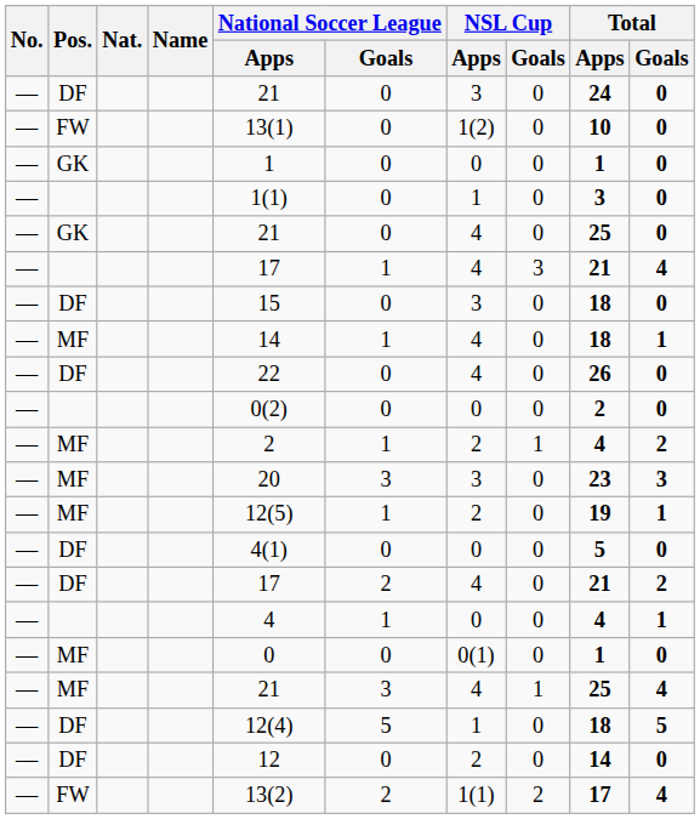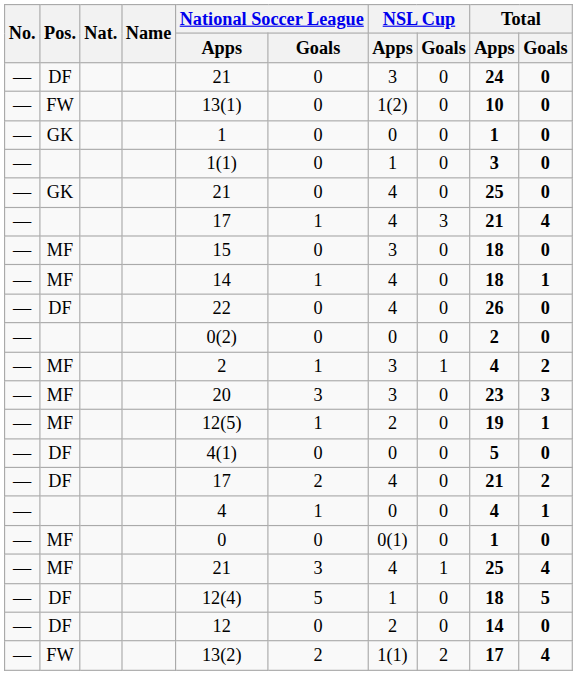 <table class="wikitable sortable" style="text-align:center">
 <tr>
 <th rowspan="2">No.</th>
 <th rowspan="2">Pos.</th>
 <th rowspan="2">Nat.</th>
 <th rowspan="2">Name</th>
 <th colspan="2"><a href='#'>National Soccer League</a></th>
 <th colspan="2"><a href='#'>NSL Cup</a></th>
 <th colspan="2">Total</th>
 </tr>
 <tr>
 <th>Apps</th>
 <th>Goals</th>
 <th>Apps</th>
 <th>Goals</th>
 <th>Apps</th>
 <th>Goals</th>
 </tr>
 <tr>
 <td>—</td>
 <td>DF</td>
 <td></td>
 <td align=left></td>
 <td>21</td>
 <td>0</td>
 <td>3</td>
 <td>0</td>
 <td><strong>24</strong></td>
 <td><strong>0</strong></td>
 </tr>
 <tr>
 <td>—</td>
 <td>FW</td>
 <td></td>
 <td align=left></td>
 <td>13(1)</td>
 <td>0</td>
 <td>1(2)</td>
 <td>0</td>
 <td><strong>10</strong></td>
 <td><strong>0</strong></td>
 </tr>
 <tr>
 <td>—</td>
 <td>GK</td>
 <td></td>
 <td align=left></td>
 <td>1</td>
 <td>0</td>
 <td>0</td>
 <td>0</td>
 <td><strong>1</strong></td>
 <td><strong>0</strong></td>
 </tr>
 <tr>
 <td>—</td>
 <td></td>
 <td></td>
 <td align=left></td>
 <td>1(1)</td>
 <td>0</td>
 <td>1</td>
 <td>0</td>
 <td><strong>3</strong></td>
 <td><strong>0</strong></td>
 </tr>
 <tr>
 <td>—</td>
 <td>GK</td>
 <td></td>
 <td align=left></td>
 <td>21</td>
 <td>0</td>
 <td>4</td>
 <td>0</td>
 <td><strong>25</strong></td>
 <td><strong>0</strong></td>
 </tr>
 <tr>
 <td>—</td>
 <td></td>
 <td></td>
 <td align=left></td>
 <td>17</td>
 <td>1</td>
 <td>4</td>
 <td>3</td>
 <td><strong>21</strong></td>
 <td><strong>4</strong></td>
 </tr>
 <tr>
 <td>—</td>
-<td>DF</td>
+<td>MF</td>
 <td></td>
 <td align=left></td>
 <td>15</td>
 <td>0</td>
 <td>3</td>
 <td>0</td>
 <td><strong>18</strong></td>
 <td><strong>0</strong></td>
 </tr>
 <tr>
 <td>—</td>
 <td>MF</td>
 <td></td>
 <td align=left></td>
 <td>14</td>
 <td>1</td>
 <td>4</td>
 <td>0</td>
 <td><strong>18</strong></td>
 <td><strong>1</strong></td>
 </tr>
 <tr>
 <td>—</td>
 <td>DF</td>
 <td></td>
 <td align=left></td>
 <td>22</td>
 <td>0</td>
 <td>4</td>
 <td>0</td>
 <td><strong>26</strong></td>
 <td><strong>0</strong></td>
 </tr>
 <tr>
 <td>—</td>
 <td></td>
 <td></td>
 <td align=left></td>
 <td>0(2)</td>
 <td>0</td>
 <td>0</td>
 <td>0</td>
 <td><strong>2</strong></td>
 <td><strong>0</strong></td>
 </tr>
 <tr>
 <td>—</td>
 <td>MF</td>
 <td></td>
 <td align=left></td>
 <td>2</td>
 <td>1</td>
-<td>2</td>
+<td>3</td>
 <td>1</td>
 <td><strong>4</strong></td>
 <td><strong>2</strong></td>
 </tr>
 <tr>
 <td>—</td>
 <td>MF</td>
 <td></td>
 <td align=left></td>
 <td>20</td>
 <td>3</td>
 <td>3</td>
 <td>0</td>
 <td><strong>23</strong></td>
 <td><strong>3</strong></td>
 </tr>
 <tr>
 <td>—</td>
 <td>MF</td>
 <td></td>
 <td align=left></td>
 <td>12(5)</td>
 <td>1</td>
 <td>2</td>
 <td>0</td>
 <td><strong>19</strong></td>
 <td><strong>1</strong></td>
 </tr>
 <tr>
 <td>—</td>
 <td>DF</td>
 <td></td>
 <td align=left></td>
 <td>4(1)</td>
 <td>0</td>
 <td>0</td>
 <td>0</td>
 <td><strong>5</strong></td>
 <td><strong>0</strong></td>
 </tr>
 <tr>
 <td>—</td>
 <td>DF</td>
 <td></td>
 <td align=left></td>
 <td>17</td>
 <td>2</td>
 <td>4</td>
 <td>0</td>
 <td><strong>21</strong></td>
 <td><strong>2</strong></td>
 </tr>
 <tr>
 <td>—</td>
 <td></td>
 <td></td>
 <td align=left></td>
 <td>4</td>
 <td>1</td>
 <td>0</td>
 <td>0</td>
 <td><strong>4</strong></td>
 <td><strong>1</strong></td>
 </tr>
 <tr>
 <td>—</td>
 <td>MF</td>
 <td></td>
 <td align=left></td>
 <td>0</td>
 <td>0</td>
 <td>0(1)</td>
 <td>0</td>
 <td><strong>1</strong></td>
 <td><strong>0</strong></td>
 </tr>
 <tr>
 <td>—</td>
 <td>MF</td>
 <td></td>
 <td align=left></td>
 <td>21</td>
 <td>3</td>
 <td>4</td>
 <td>1</td>
 <td><strong>25</strong></td>
 <td><strong>4</strong></td>
 </tr>
 <tr>
 <td>—</td>
 <td>DF</td>
 <td></td>
 <td align=left></td>
 <td>12(4)</td>
 <td>5</td>
 <td>1</td>
 <td>0</td>
 <td><strong>18</strong></td>
 <td><strong>5</strong></td>
 </tr>
 <tr>
 <td>—</td>
 <td>DF</td>
 <td></td>
 <td align=left></td>
 <td>12</td>
 <td>0</td>
 <td>2</td>
 <td>0</td>
 <td><strong>14</strong></td>
 <td><strong>0</strong></td>
 </tr>
 <tr>
 <td>—</td>
 <td>FW</td>
 <td></td>
 <td align=left></td>
 <td>13(2)</td>
 <td>2</td>
 <td>1(1)</td>
 <td>2</td>
 <td><strong>17</strong></td>
 <td><strong>4</strong></td>
 </tr>
 </table>
